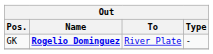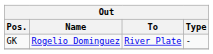 <table class="wikitable" style="font-size:90%;float:left; margin-right:1em;">
 <tr>
 <th colspan="4">Out</th>
 </tr>
 <tr>
 <th>Pos.</th>
 <th>Name</th>
 <th>To</th>
 <th>Type</th>
 </tr>
 <tr>
 <td>GK</td>
-<td><strong><a href='#'>Rogelio Dominguez</a></strong></td>
+<td><a href='#'>Rogelio Dominguez</a></td>
 <td><a href='#'>River Plate</a></td>
 <td>-</td>
 </tr>
 <tr>
 </tr>
 </table>
